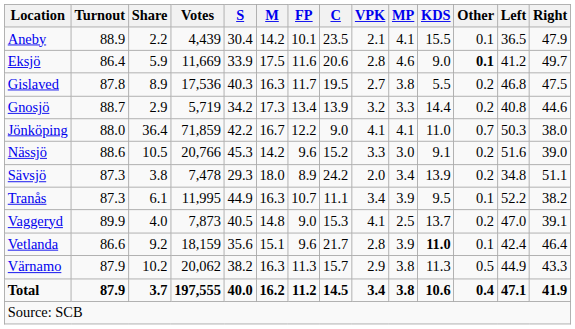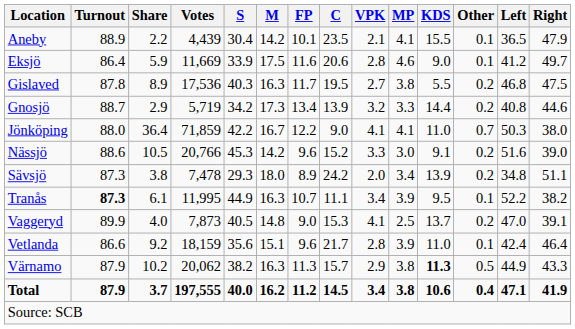 <table class="wikitable sortable" style=text-align:right>
 <tr>
 <th>Location</th>
 <th>Turnout</th>
 <th>Share</th>
 <th>Votes</th>
 <th><a href='#'>S</a></th>
 <th><a href='#'>M</a></th>
 <th><a href='#'>FP</a></th>
 <th><a href='#'>C</a></th>
 <th><a href='#'>VPK</a></th>
 <th><a href='#'>MP</a></th>
 <th><a href='#'>KDS</a></th>
 <th>Other</th>
 <th>Left</th>
 <th>Right</th>
 </tr>
 <tr>
 <td align=left><a href='#'>Aneby</a></td>
 <td>88.9</td>
 <td>2.2</td>
 <td>4,439</td>
 <td>30.4</td>
 <td>14.2</td>
 <td>10.1</td>
 <td>23.5</td>
 <td>2.1</td>
 <td>4.1</td>
 <td>15.5</td>
 <td>0.1</td>
 <td>36.5</td>
 <td>47.9</td>
 </tr>
 <tr>
 <td align=left><a href='#'>Eksjö</a></td>
 <td>86.4</td>
 <td>5.9</td>
 <td>11,669</td>
 <td>33.9</td>
 <td>17.5</td>
 <td>11.6</td>
 <td>20.6</td>
 <td>2.8</td>
 <td>4.6</td>
 <td>9.0</td>
-<td><strong>0.1</strong></td>
+<td>0.1</td>
 <td>41.2</td>
 <td>49.7</td>
 </tr>
 <tr>
 <td align=left><a href='#'>Gislaved</a></td>
 <td>87.8</td>
 <td>8.9</td>
 <td>17,536</td>
 <td>40.3</td>
 <td>16.3</td>
 <td>11.7</td>
 <td>19.5</td>
 <td>2.7</td>
 <td>3.8</td>
 <td>5.5</td>
 <td>0.2</td>
 <td>46.8</td>
 <td>47.5</td>
 </tr>
 <tr>
 <td align=left><a href='#'>Gnosjö</a></td>
 <td>88.7</td>
 <td>2.9</td>
 <td>5,719</td>
 <td>34.2</td>
 <td>17.3</td>
 <td>13.4</td>
 <td>13.9</td>
 <td>3.2</td>
 <td>3.3</td>
 <td>14.4</td>
 <td>0.2</td>
 <td>40.8</td>
 <td>44.6</td>
 </tr>
 <tr>
 <td align=left><a href='#'>Jönköping</a></td>
 <td>88.0</td>
 <td>36.4</td>
 <td>71,859</td>
 <td>42.2</td>
 <td>16.7</td>
 <td>12.2</td>
 <td>9.0</td>
 <td>4.1</td>
 <td>4.1</td>
 <td>11.0</td>
 <td>0.7</td>
 <td>50.3</td>
 <td>38.0</td>
 </tr>
 <tr>
 <td align=left><a href='#'>Nässjö</a></td>
 <td>88.6</td>
 <td>10.5</td>
 <td>20,766</td>
 <td>45.3</td>
 <td>14.2</td>
 <td>9.6</td>
 <td>15.2</td>
 <td>3.3</td>
 <td>3.0</td>
 <td>9.1</td>
 <td>0.2</td>
 <td>51.6</td>
 <td>39.0</td>
 </tr>
 <tr>
 <td align=left><a href='#'>Sävsjö</a></td>
 <td>87.3</td>
 <td>3.8</td>
 <td>7,478</td>
 <td>29.3</td>
 <td>18.0</td>
 <td>8.9</td>
 <td>24.2</td>
 <td>2.0</td>
 <td>3.4</td>
 <td>13.9</td>
 <td>0.2</td>
 <td>34.8</td>
 <td>51.1</td>
 </tr>
 <tr>
 <td align=left><a href='#'>Tranås</a></td>
-<td>87.3</td>
+<td><strong>87.3</strong></td>
 <td>6.1</td>
 <td>11,995</td>
 <td>44.9</td>
 <td>16.3</td>
 <td>10.7</td>
 <td>11.1</td>
 <td>3.4</td>
 <td>3.9</td>
 <td>9.5</td>
 <td>0.1</td>
 <td>52.2</td>
 <td>38.2</td>
 </tr>
 <tr>
 <td align=left><a href='#'>Vaggeryd</a></td>
 <td>89.9</td>
 <td>4.0</td>
 <td>7,873</td>
 <td>40.5</td>
 <td>14.8</td>
 <td>9.0</td>
 <td>15.3</td>
 <td>4.1</td>
 <td>2.5</td>
 <td>13.7</td>
 <td>0.2</td>
 <td>47.0</td>
 <td>39.1</td>
 </tr>
 <tr>
 <td align=left><a href='#'>Vetlanda</a></td>
 <td>86.6</td>
 <td>9.2</td>
 <td>18,159</td>
 <td>35.6</td>
 <td>15.1</td>
 <td>9.6</td>
 <td>21.7</td>
 <td>2.8</td>
 <td>3.9</td>
-<td><strong>11.0</strong></td>
+<td>11.0</td>
 <td>0.1</td>
 <td>42.4</td>
 <td>46.4</td>
 </tr>
 <tr>
 <td align=left><a href='#'>Värnamo</a></td>
 <td>87.9</td>
 <td>10.2</td>
 <td>20,062</td>
 <td>38.2</td>
 <td>16.3</td>
 <td>11.3</td>
 <td>15.7</td>
 <td>2.9</td>
 <td>3.8</td>
-<td>11.3</td>
+<td><strong>11.3</strong></td>
 <td>0.5</td>
 <td>44.9</td>
 <td>43.3</td>
 </tr>
 <tr>
 <td align=left><strong>Total</strong></td>
 <td><strong>87.9</strong></td>
 <td><strong>3.7</strong></td>
 <td><strong>197,555</strong></td>
 <td><strong>40.0</strong></td>
 <td><strong>16.2</strong></td>
 <td><strong>11.2</strong></td>
 <td><strong>14.5</strong></td>
 <td><strong>3.4</strong></td>
 <td><strong>3.8</strong></td>
 <td><strong>10.6</strong></td>
 <td><strong>0.4</strong></td>
 <td><strong>47.1</strong></td>
 <td><strong>41.9</strong></td>
 </tr>
 <tr>
 <td align=left colspan=14>Source: SCB </td>
 </tr>
 </table>
